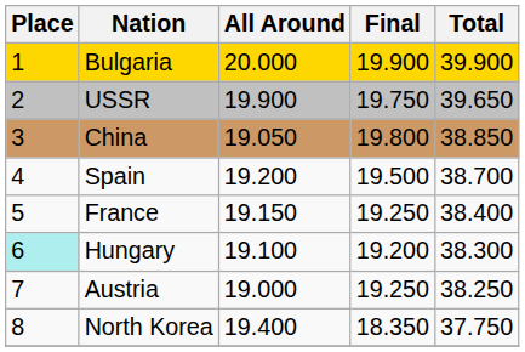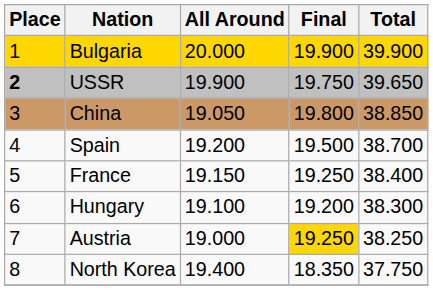 <table class="wikitable">
 <tr>
 <th>Place</th>
 <th>Nation</th>
 <th>All Around</th>
 <th>Final</th>
 <th>Total</th>
 </tr>
 <tr bgcolor=gold>
 <td>1</td>
 <td> Bulgaria</td>
 <td>20.000</td>
 <td>19.900</td>
 <td>39.900</td>
 </tr>
 <tr bgcolor=silver>
-<td>2</td>
+<td><strong>2</strong></td>
 <td> USSR</td>
 <td>19.900</td>
 <td>19.750</td>
 <td>39.650</td>
 </tr>
 <tr bgcolor=cc9966>
 <td>3</td>
 <td> China</td>
 <td>19.050</td>
 <td>19.800</td>
 <td>38.850</td>
 </tr>
 <tr>
 <td>4</td>
 <td> Spain</td>
 <td>19.200</td>
 <td>19.500</td>
 <td>38.700</td>
 </tr>
 <tr>
 <td>5</td>
 <td> France</td>
 <td>19.150</td>
 <td>19.250</td>
 <td>38.400</td>
 </tr>
 <tr>
-<td style="background: paleturquoise;">6</td>
+<td>6</td>
 <td> Hungary</td>
 <td>19.100</td>
 <td>19.200</td>
 <td>38.300</td>
 </tr>
 <tr>
 <td>7</td>
 <td> Austria</td>
 <td>19.000</td>
-<td>19.250</td>
+<td style="background: gold;">19.250</td>
 <td>38.250</td>
 </tr>
 <tr>
 <td>8</td>
 <td> North Korea</td>
 <td>19.400</td>
 <td>18.350</td>
 <td>37.750</td>
 </tr>
 <tr>
 </tr>
 </table>
